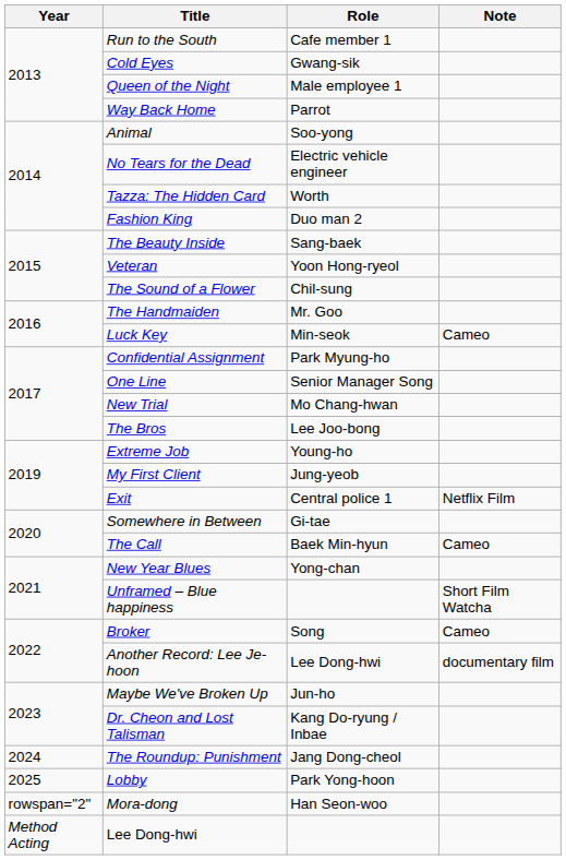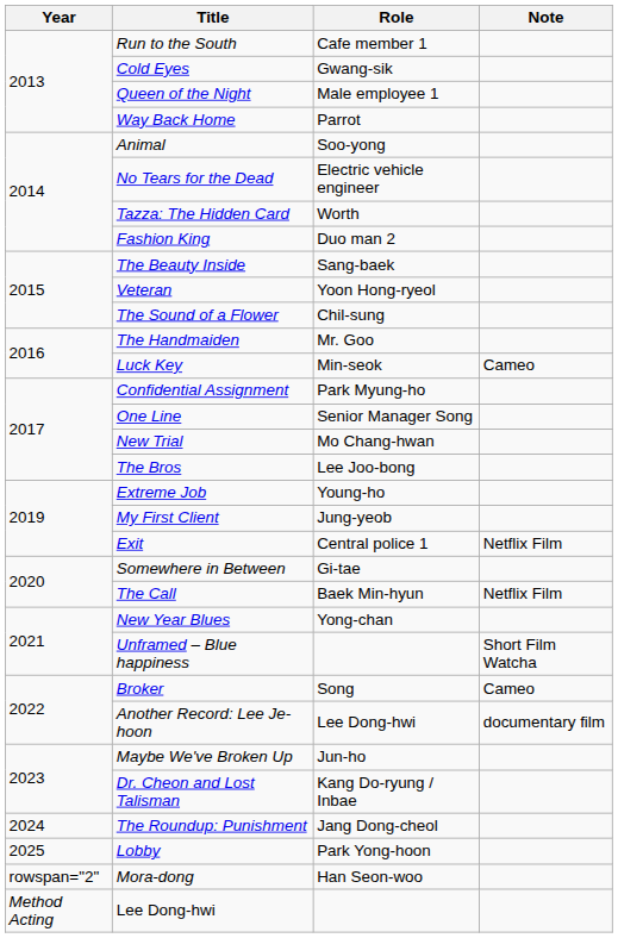 <table class="wikitable">
 <tr>
 <th>Year</th>
 <th>Title</th>
 <th>Role</th>
 <th>Note</th>
 </tr>
 <tr>
 <td rowspan="4">2013</td>
 <td><em>Run to the South</em></td>
 <td>Cafe member 1</td>
 <td></td>
 </tr>
 <tr>
 <td><em><a href='#'>Cold Eyes</a></em></td>
 <td>Gwang-sik</td>
 <td></td>
 </tr>
 <tr>
 <td><em><a href='#'>Queen of the Night</a></em></td>
 <td>Male employee 1</td>
 <td></td>
 </tr>
 <tr>
 <td><em><a href='#'>Way Back Home</a></em></td>
 <td>Parrot</td>
 <td></td>
 </tr>
 <tr>
 <td rowspan="4">2014</td>
 <td><em>Animal</em></td>
 <td>Soo-yong</td>
 <td></td>
 </tr>
 <tr>
 <td><em><a href='#'>No Tears for the Dead</a></em></td>
 <td>Electric vehicle engineer</td>
 <td></td>
 </tr>
 <tr>
 <td><em><a href='#'>Tazza: The Hidden Card</a></em></td>
 <td>Worth</td>
 <td></td>
 </tr>
 <tr>
 <td><em><a href='#'>Fashion King</a></em></td>
 <td>Duo man 2</td>
 <td></td>
 </tr>
 <tr>
 <td rowspan="3">2015</td>
 <td><em><a href='#'>The Beauty Inside</a></em></td>
 <td>Sang-baek</td>
 <td></td>
 </tr>
 <tr>
 <td><em><a href='#'>Veteran</a></em></td>
 <td>Yoon Hong-ryeol</td>
 <td></td>
 </tr>
 <tr>
 <td><em><a href='#'>The Sound of a Flower</a></em></td>
 <td>Chil-sung</td>
 <td></td>
 </tr>
 <tr>
 <td rowspan="2">2016</td>
 <td><em><a href='#'>The Handmaiden</a></em></td>
 <td>Mr. Goo</td>
 <td></td>
 </tr>
 <tr>
 <td><em><a href='#'>Luck Key</a></em></td>
 <td>Min-seok</td>
 <td>Cameo</td>
 </tr>
 <tr>
 <td rowspan="4">2017</td>
 <td><em><a href='#'>Confidential Assignment</a></em></td>
 <td>Park Myung-ho</td>
 <td></td>
 </tr>
 <tr>
 <td><em><a href='#'>One Line</a></em></td>
 <td>Senior Manager Song</td>
 <td></td>
 </tr>
 <tr>
 <td><em><a href='#'>New Trial</a></em></td>
 <td>Mo Chang-hwan</td>
 <td></td>
 </tr>
 <tr>
 <td><em><a href='#'>The Bros</a></em></td>
 <td>Lee Joo-bong</td>
 <td></td>
 </tr>
 <tr>
 <td rowspan=3>2019</td>
 <td><em><a href='#'>Extreme Job</a></em></td>
 <td>Young-ho</td>
 <td></td>
 </tr>
 <tr>
 <td><em><a href='#'>My First Client</a></em></td>
 <td>Jung-yeob</td>
 <td></td>
 </tr>
 <tr>
 <td><em><a href='#'>Exit</a></em></td>
 <td>Central police 1</td>
 <td>Netflix Film</td>
 </tr>
 <tr>
 <td rowspan=2>2020</td>
 <td><em>Somewhere in Between</em></td>
 <td>Gi-tae</td>
 <td></td>
 </tr>
 <tr>
 <td><em><a href='#'>The Call</a></em></td>
 <td>Baek Min-hyun</td>
-<td>Cameo</td>
+<td>Netflix Film</td>
 </tr>
 <tr>
 <td rowspan=2>2021</td>
 <td><em><a href='#'>New Year Blues</a></em></td>
 <td>Yong-chan</td>
 <td></td>
 </tr>
 <tr>
 <td><em><a href='#'>Unframed</a> – Blue happiness</em></td>
 <td></td>
 <td>Short Film Watcha </td>
 </tr>
 <tr>
 <td rowspan=2>2022</td>
 <td><em><a href='#'>Broker</a></em></td>
 <td>Song</td>
 <td>Cameo</td>
 </tr>
 <tr>
 <td><em>Another Record: Lee Je-hoon</em></td>
 <td>Lee Dong-hwi</td>
 <td>documentary film</td>
 </tr>
 <tr>
 <td rowspan="2">2023</td>
 <td><em>Maybe We've Broken Up</em></td>
 <td>Jun-ho</td>
 <td></td>
 </tr>
 <tr>
 <td><em><a href='#'>Dr. Cheon and Lost Talisman</a></em></td>
 <td>Kang Do-ryung / Inbae</td>
 <td></td>
 </tr>
 <tr>
 <td>2024</td>
 <td><em><a href='#'>The Roundup: Punishment</a></em></td>
 <td>Jang Dong-cheol</td>
 <td></td>
 </tr>
 <tr>
 <td>2025</td>
 <td><em><a href='#'>Lobby</a></em></td>
 <td>Park Yong-hoon</td>
 <td></td>
 </tr>
 <tr>
 <td>rowspan="2" </td>
 <td><em>Mora-dong</em></td>
 <td>Han Seon-woo</td>
 <td></td>
 </tr>
 <tr>
 <td><em>Method Acting</em></td>
 <td>Lee Dong-hwi</td>
 <td></td>
 </tr>
 </table>
